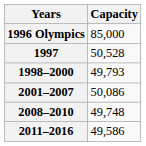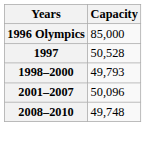 <table class="wikitable">
 <tr>
 <th scope="row">Years</th>
 <th scope="row">Capacity</th>
 </tr>
 <tr>
 <th scope="row">1996 Olympics</th>
 <td><div>85,000</div></td>
 </tr>
 <tr>
 <th scope="row">1997</th>
 <td><div>50,528</div></td>
 </tr>
 <tr>
 <th scope="row">1998–2000</th>
 <td><div>49,793</div></td>
 </tr>
 <tr>
 <th scope="row">2001–2007</th>
-<td><div>50,086</div></td>
+<td><div>50,096</div></td>
 </tr>
 <tr>
 <th scope="row">2008–2010</th>
 <td><div>49,748</div></td>
 </tr>
-<tr>
-<th scope="row">2011–2016</th>
-<td><div>49,586</div></td>
-</tr>
 </table>
